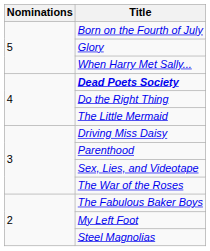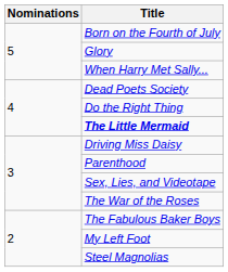 <table class="wikitable">
 <tr>
 <th>Nominations</th>
 <th>Title</th>
 </tr>
 <tr>
 <td rowspan="3">5</td>
 <td><em><a href='#'>Born on the Fourth of July</a></em></td>
 </tr>
 <tr>
 <td><em><a href='#'>Glory</a></em></td>
 </tr>
 <tr>
 <td><em><a href='#'>When Harry Met Sally...</a></em></td>
 </tr>
 <tr>
 <td rowspan="3">4</td>
-<td><strong><em><a href='#'>Dead Poets Society</a></em></strong></td>
+<td><em><a href='#'>Dead Poets Society</a></em></td>
 </tr>
 <tr>
 <td><em><a href='#'>Do the Right Thing</a></em></td>
 </tr>
 <tr>
-<td><em><a href='#'>The Little Mermaid</a></em></td>
+<td><strong><em><a href='#'>The Little Mermaid</a></em></strong></td>
 </tr>
 <tr>
 <td rowspan="4">3</td>
 <td><em><a href='#'>Driving Miss Daisy</a></em></td>
 </tr>
 <tr>
 <td><em><a href='#'>Parenthood</a></em></td>
 </tr>
 <tr>
 <td><em><a href='#'>Sex, Lies, and Videotape</a></em></td>
 </tr>
 <tr>
 <td><em><a href='#'>The War of the Roses</a></em></td>
 </tr>
 <tr>
 <td rowspan="3">2</td>
 <td><em><a href='#'>The Fabulous Baker Boys</a></em></td>
 </tr>
 <tr>
 <td><em><a href='#'>My Left Foot</a></em></td>
 </tr>
 <tr>
 <td><em><a href='#'>Steel Magnolias</a></em></td>
 </tr>
 </table>
